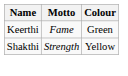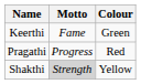 <table class="wikitable" style="text-align: center;">
 <tr>
 <th>Name</th>
 <th>Motto</th>
 <th>Colour</th>
 </tr>
 <tr>
 <td>Keerthi</td>
 <td><em>Fame</em></td>
 <td>Green </td>
 </tr>
 <tr>
+<td>Pragathi</td>
+<td><em>Progress</em></td>
+<td>Red </td>
+</tr>
+<tr>
 <td>Shakthi</td>
-<td><em>Strength</em></td>
+<td style="background: lightgrey;"><em>Strength</em></td>
 <td>Yellow </td>
 </tr>
 </table>
